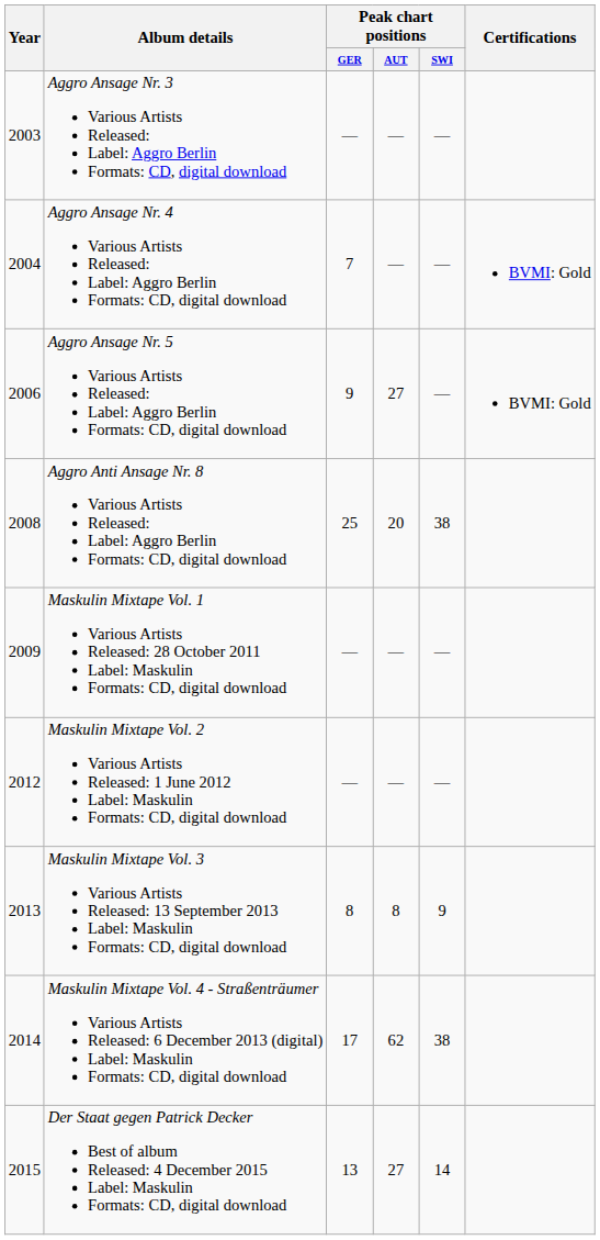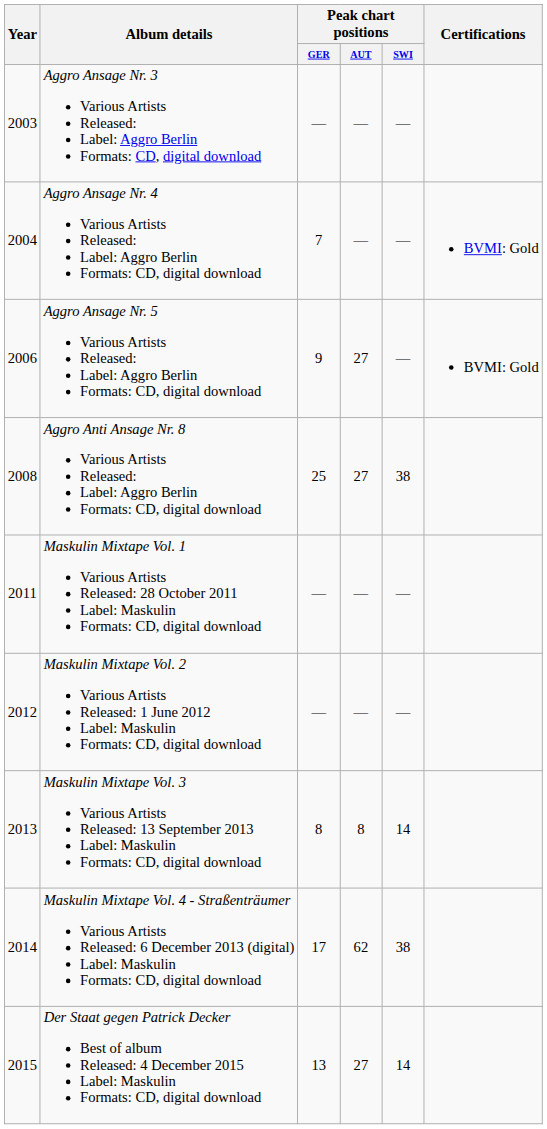 <table class="wikitable" style="text-align:center;">
 <tr>
 <th rowspan="2">Year</th>
 <th rowspan="2">Album details</th>
 <th colspan="3">Peak chart positions</th>
 <th rowspan="2">Certifications</th>
 </tr>
 <tr style="font-size:smaller;">
 <th style="width:40px;"><small><a href='#'>GER</a></small><br></th>
 <th style="width:40px;"><small><a href='#'>AUT</a></small><br></th>
 <th style="width:40px;"><small><a href='#'>SWI</a></small><br></th>
 </tr>
 <tr>
 <td>2003</td>
 <td align="left"><em>Aggro Ansage Nr. 3</em><br><ul><li>Various Artists</li><li>Released:</li><li>Label: <a href='#'>Aggro Berlin</a></li><li>Formats: <a href='#'>CD</a>, <a href='#'>digital download</a></li></ul></td>
 <td style="text-align:center;">—</td>
 <td style="text-align:center;">—</td>
 <td style="text-align:center;">—</td>
 <td align="left"></td>
 </tr>
 <tr>
 <td>2004</td>
 <td align="left"><em>Aggro Ansage Nr. 4</em><br><ul><li>Various Artists</li><li>Released:</li><li>Label: Aggro Berlin</li><li>Formats: CD, digital download</li></ul></td>
 <td style="text-align:center;">7</td>
 <td style="text-align:center;">—</td>
 <td style="text-align:center;">—</td>
 <td align="left"><br><ul><li><a href='#'>BVMI</a>: Gold</li></ul></td>
 </tr>
 <tr>
 <td>2006</td>
 <td align="left"><em>Aggro Ansage Nr. 5</em><br><ul><li>Various Artists</li><li>Released:</li><li>Label: Aggro Berlin</li><li>Formats: CD, digital download</li></ul></td>
 <td style="text-align:center;">9</td>
 <td style="text-align:center;">27</td>
 <td style="text-align:center;">—</td>
 <td align="left"><br><ul><li>BVMI: Gold</li></ul></td>
 </tr>
 <tr>
 <td>2008</td>
 <td align="left"><em>Aggro Anti Ansage Nr. 8</em><br><ul><li>Various Artists</li><li>Released:</li><li>Label: Aggro Berlin</li><li>Formats: CD, digital download</li></ul></td>
 <td style="text-align:center;">25</td>
-<td style="text-align:center;">20</td>
+<td style="text-align:center;">27</td>
 <td style="text-align:center;">38</td>
 <td align="left"></td>
 </tr>
 <tr>
-<td>2009</td>
+<td>2011</td>
 <td align="left"><em>Maskulin Mixtape Vol. 1</em><br><ul><li>Various Artists</li><li>Released: 28 October 2011</li><li>Label: Maskulin</li><li>Formats: CD, digital download</li></ul></td>
 <td style="text-align:center;">—</td>
 <td style="text-align:center;">—</td>
 <td style="text-align:center;">—</td>
 <td align="left"></td>
 </tr>
 <tr>
 <td>2012</td>
 <td align="left"><em>Maskulin Mixtape Vol. 2</em><br><ul><li>Various Artists</li><li>Released: 1 June 2012</li><li>Label: Maskulin</li><li>Formats: CD, digital download</li></ul></td>
 <td style="text-align:center;">—</td>
 <td style="text-align:center;">—</td>
 <td style="text-align:center;">—</td>
 <td align="left"></td>
 </tr>
 <tr>
 <td>2013</td>
 <td align="left"><em>Maskulin Mixtape Vol. 3</em><br><ul><li>Various Artists</li><li>Released: 13 September 2013</li><li>Label: Maskulin</li><li>Formats: CD, digital download</li></ul></td>
 <td style="text-align:center;">8</td>
 <td style="text-align:center;">8</td>
-<td style="text-align:center;">9</td>
+<td style="text-align:center;">14</td>
 <td align="left"></td>
 </tr>
 <tr>
 <td>2014</td>
 <td align="left"><em>Maskulin Mixtape Vol. 4 - Straßenträumer</em><br><ul><li>Various Artists</li><li>Released: 6 December 2013 (digital)</li><li>Label: Maskulin</li><li>Formats: CD, digital download</li></ul></td>
 <td style="text-align:center;">17</td>
 <td style="text-align:center;">62</td>
 <td style="text-align:center;">38</td>
 <td align="left"></td>
 </tr>
 <tr>
 <td>2015</td>
 <td align="left"><em>Der Staat gegen Patrick Decker</em><br><ul><li>Best of album</li><li>Released: 4 December 2015</li><li>Label: Maskulin</li><li>Formats: CD, digital download</li></ul></td>
 <td style="text-align:center;">13</td>
 <td style="text-align:center;">27</td>
 <td style="text-align:center;">14</td>
 <td align="left"></td>
 </tr>
 </table>
